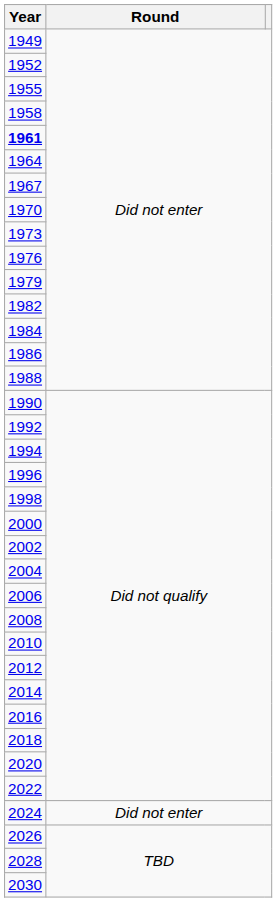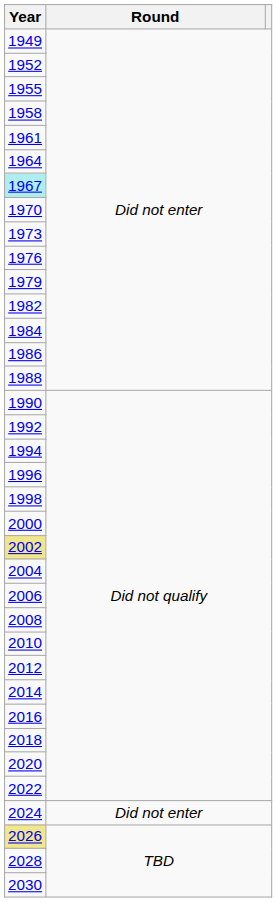 <table class="wikitable" style="text-align: center; font-size:90%">
 <tr>
 <th>Year</th>
 <th style="width:200px">Round</th>
 <th></th>
 </tr>
 <tr>
 <td><a href='#'>1949</a></td>
 <td colspan="2" rowspan="15"><em>Did not enter</em></td>
 </tr>
 <tr>
 <td><a href='#'>1952</a></td>
 </tr>
 <tr>
 <td><a href='#'>1955</a></td>
 </tr>
 <tr>
 <td><a href='#'>1958</a></td>
 </tr>
 <tr>
-<td><strong><a href='#'>1961</a></strong></td>
+<td><a href='#'>1961</a></td>
 </tr>
 <tr>
 <td><a href='#'>1964</a></td>
 </tr>
 <tr>
-<td><a href='#'>1967</a></td>
+<td style="background: paleturquoise;"><a href='#'>1967</a></td>
 </tr>
 <tr>
 <td><a href='#'>1970</a></td>
 </tr>
 <tr>
 <td><a href='#'>1973</a></td>
 </tr>
 <tr>
 <td><a href='#'>1976</a></td>
 </tr>
 <tr>
 <td><a href='#'>1979</a></td>
 </tr>
 <tr>
 <td><a href='#'>1982</a></td>
 </tr>
 <tr>
 <td><a href='#'>1984</a></td>
 </tr>
 <tr>
 <td><a href='#'>1986</a></td>
 </tr>
 <tr>
 <td><a href='#'>1988</a></td>
 </tr>
 <tr>
 <td><a href='#'>1990</a></td>
 <td colspan="2" rowspan="17"><em>Did not qualify</em></td>
 </tr>
 <tr>
 <td><a href='#'>1992</a></td>
 </tr>
 <tr>
 <td><a href='#'>1994</a></td>
 </tr>
 <tr>
 <td><a href='#'>1996</a></td>
 </tr>
 <tr>
 <td><a href='#'>1998</a></td>
 </tr>
 <tr>
 <td><a href='#'>2000</a></td>
 </tr>
 <tr>
-<td><a href='#'>2002</a></td>
+<td style="background: khaki;"><a href='#'>2002</a></td>
 </tr>
 <tr>
 <td><a href='#'>2004</a></td>
 </tr>
 <tr>
 <td><a href='#'>2006</a></td>
 </tr>
 <tr>
 <td><a href='#'>2008</a></td>
 </tr>
 <tr>
 <td><a href='#'>2010</a></td>
 </tr>
 <tr>
 <td><a href='#'>2012</a></td>
 </tr>
 <tr>
 <td><a href='#'>2014</a></td>
 </tr>
 <tr>
 <td><a href='#'>2016</a></td>
 </tr>
 <tr>
 <td><a href='#'>2018</a></td>
 </tr>
 <tr>
 <td><a href='#'>2020</a></td>
 </tr>
 <tr>
 <td><a href='#'>2022</a></td>
 </tr>
 <tr>
 <td><a href='#'>2024</a></td>
 <td colspan="2"><em>Did not enter</em></td>
 </tr>
 <tr>
-<td><a href='#'>2026</a></td>
+<td style="background: khaki;"><a href='#'>2026</a></td>
 <td colspan="2" rowspan="3"><em>TBD</em></td>
 </tr>
 <tr>
 <td><a href='#'>2028</a></td>
 </tr>
 <tr>
 <td><a href='#'>2030</a></td>
 </tr>
 </table>
